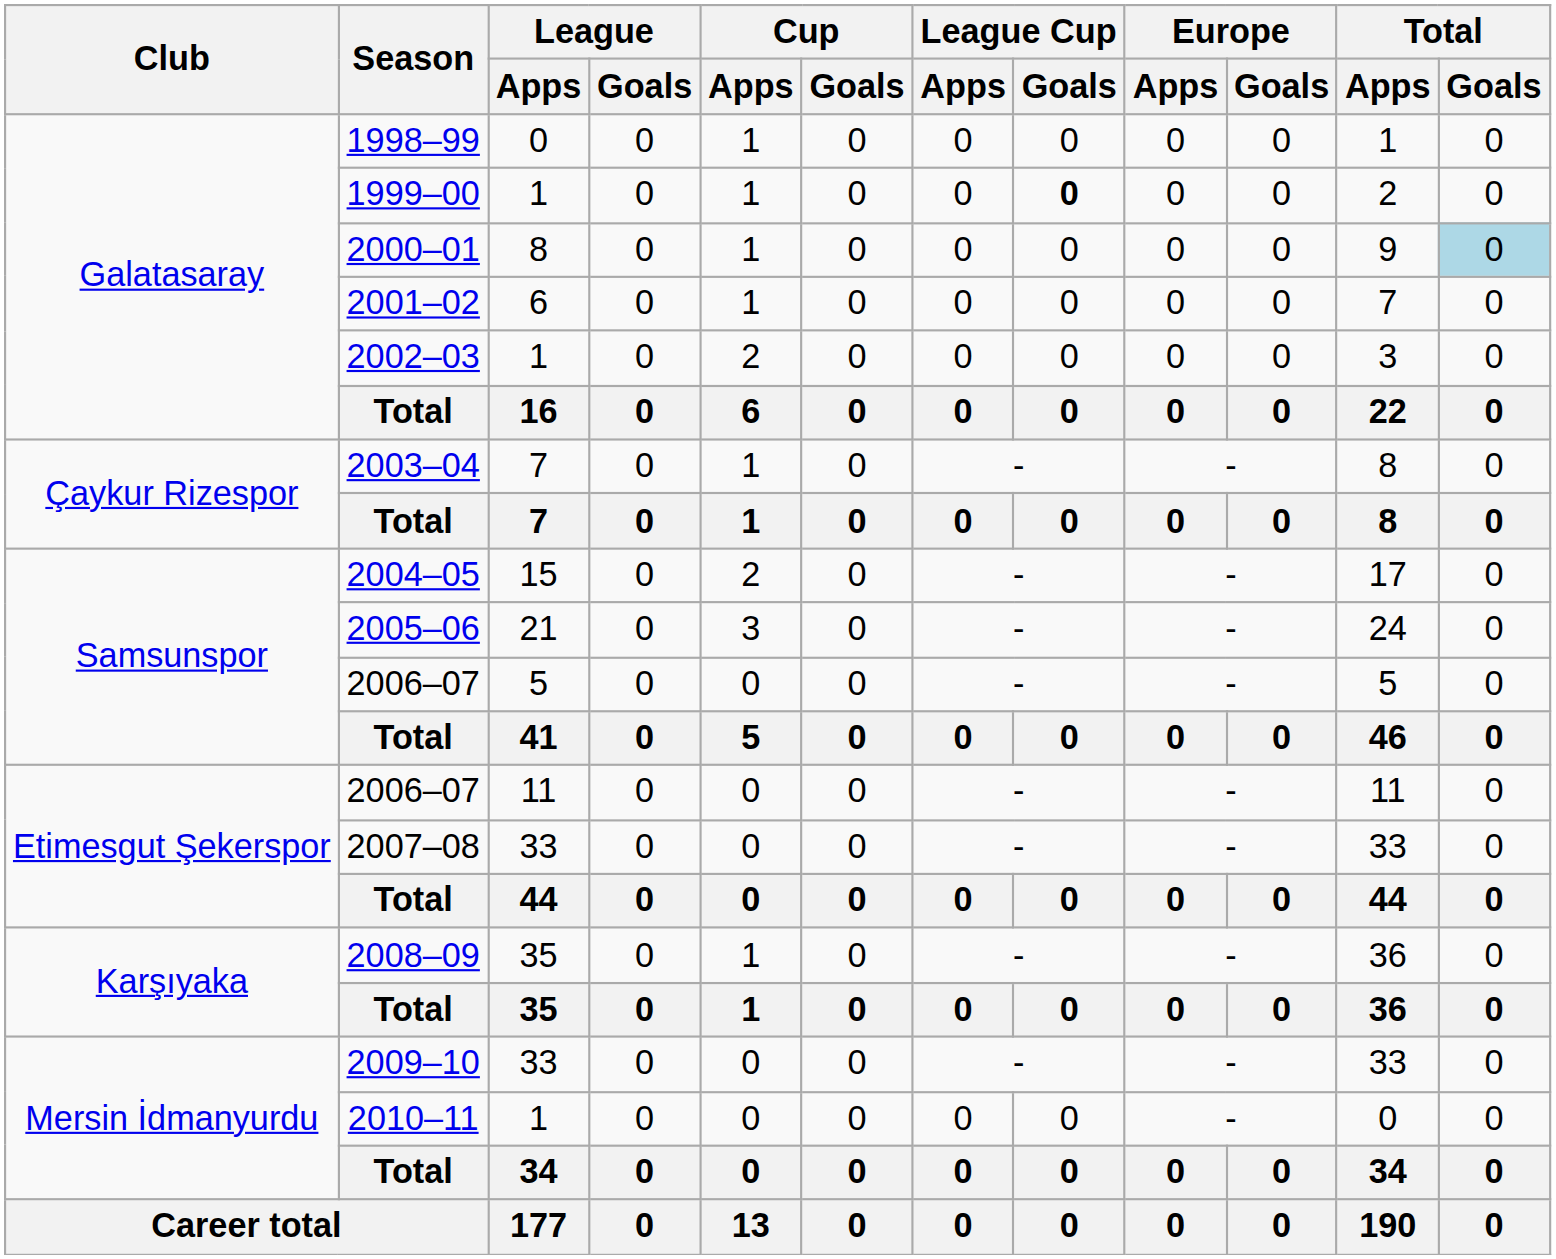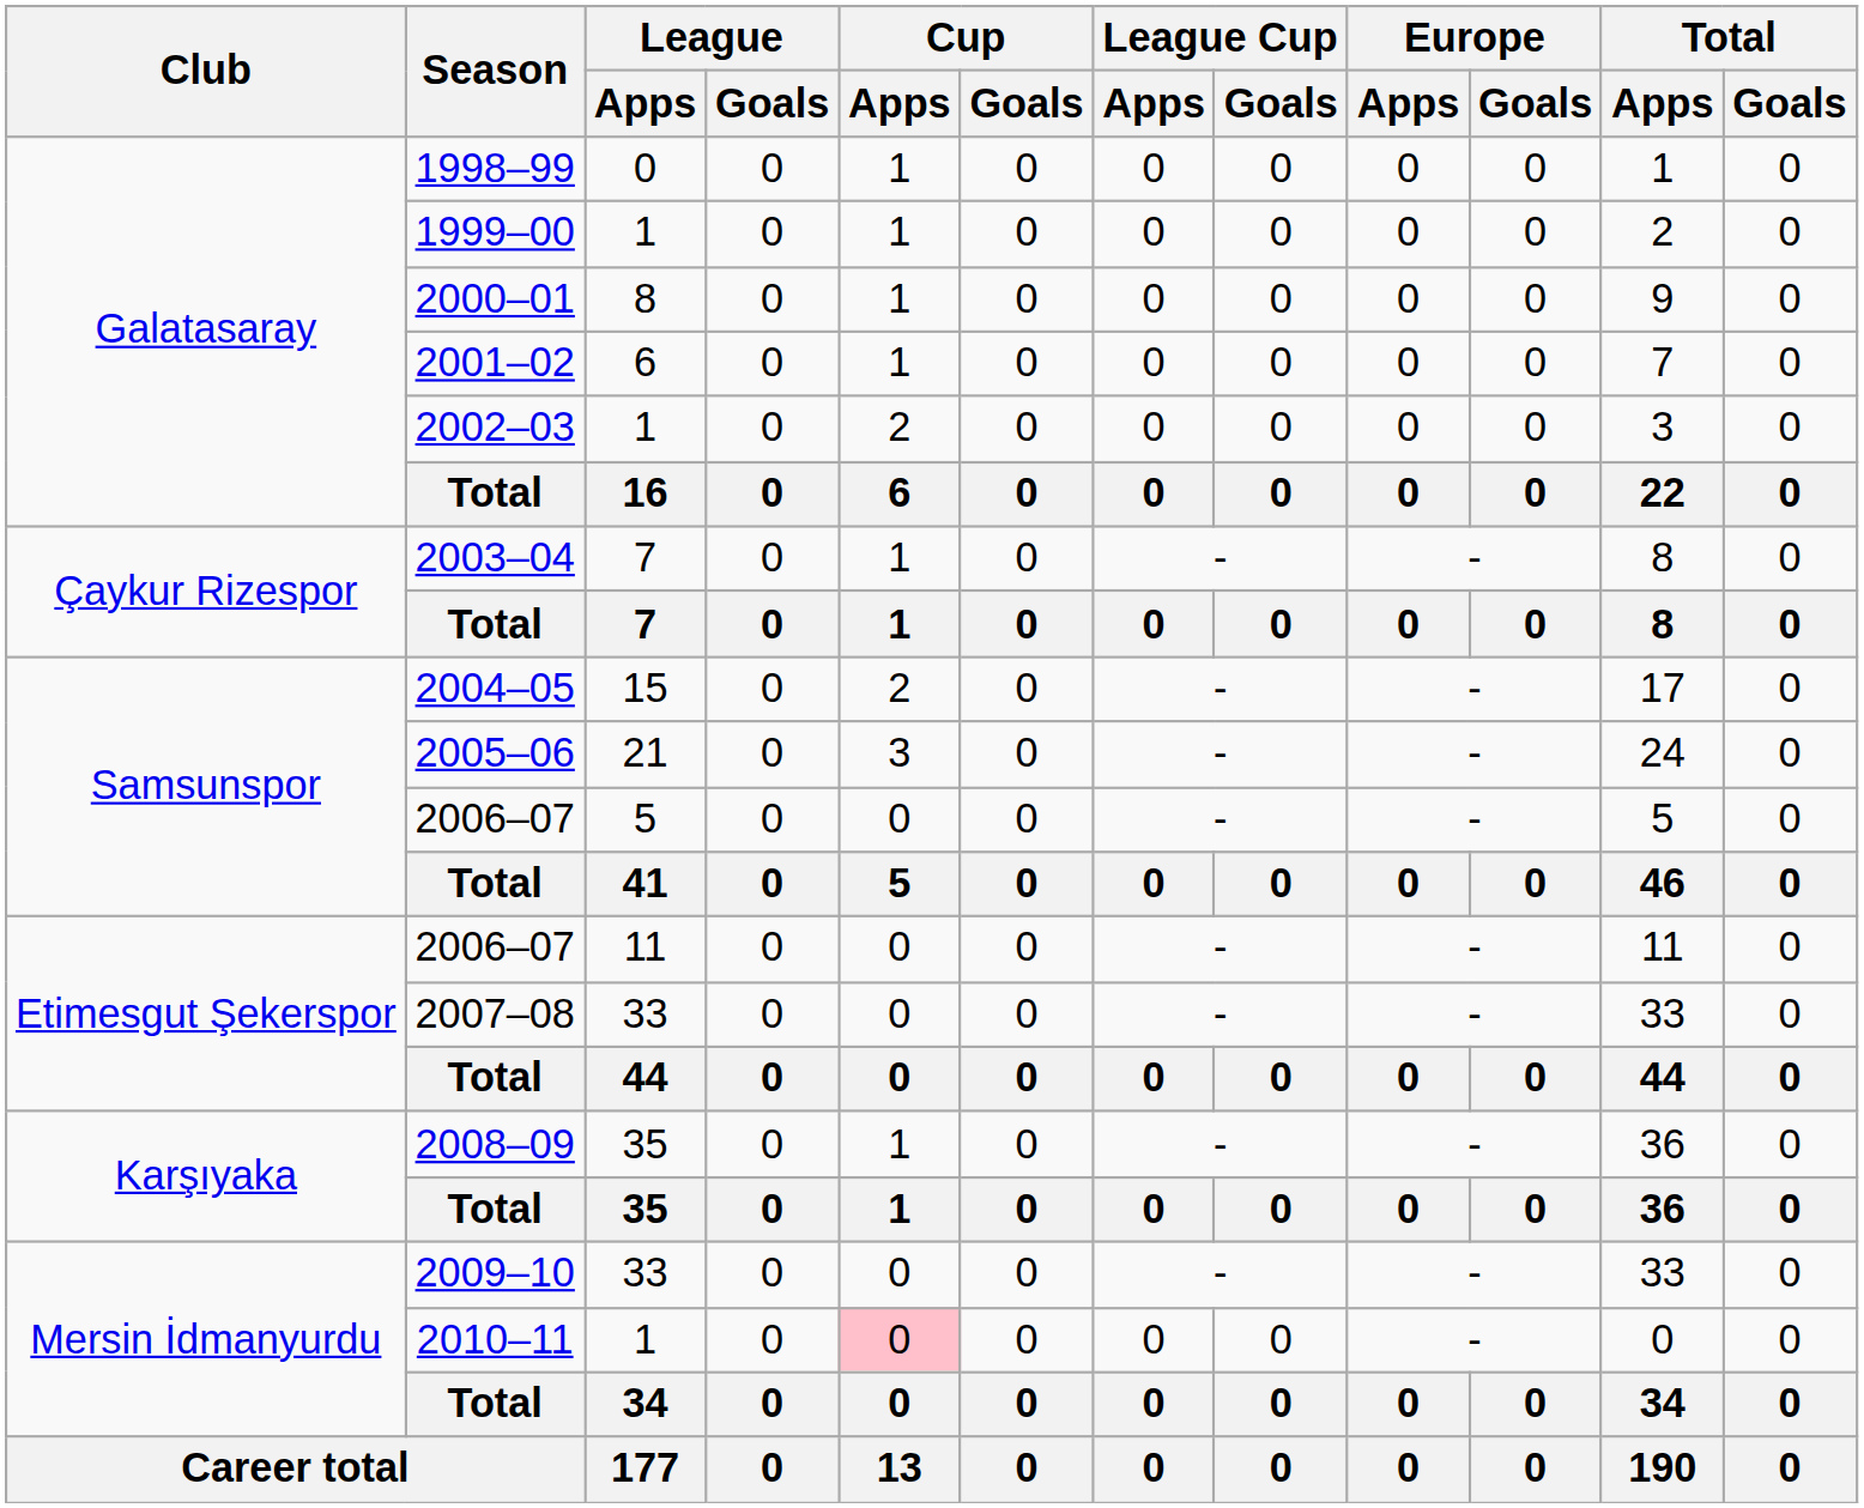 <table class="wikitable" style="text-align: center;">
 <tr>
 <th rowspan="2">Club</th>
 <th rowspan="2">Season</th>
 <th colspan="2">League</th>
 <th colspan="2">Cup</th>
 <th colspan="2">League Cup</th>
 <th colspan="2">Europe</th>
 <th colspan="2">Total</th>
 </tr>
 <tr>
 <th>Apps</th>
 <th>Goals</th>
 <th>Apps</th>
 <th>Goals</th>
 <th>Apps</th>
 <th>Goals</th>
 <th>Apps</th>
 <th>Goals</th>
 <th>Apps</th>
 <th>Goals</th>
 </tr>
 <tr>
 <td rowspan="6" valign="center"><a href='#'>Galatasaray</a></td>
 <td><a href='#'>1998–99</a></td>
 <td>0</td>
 <td>0</td>
 <td>1</td>
 <td>0</td>
 <td>0</td>
 <td>0</td>
 <td>0</td>
 <td>0</td>
 <td>1</td>
 <td>0</td>
 </tr>
 <tr>
 <td><a href='#'>1999–00</a></td>
 <td>1</td>
 <td>0</td>
 <td>1</td>
 <td>0</td>
 <td>0</td>
-<td><strong>0</strong></td>
+<td>0</td>
 <td>0</td>
 <td>0</td>
 <td>2</td>
 <td>0</td>
 </tr>
 <tr>
 <td><a href='#'>2000–01</a></td>
 <td>8</td>
 <td>0</td>
 <td>1</td>
 <td>0</td>
 <td>0</td>
 <td>0</td>
 <td>0</td>
 <td>0</td>
 <td>9</td>
-<td style="background: lightblue;">0</td>
+<td>0</td>
 </tr>
 <tr>
 <td><a href='#'>2001–02</a></td>
 <td>6</td>
 <td>0</td>
 <td>1</td>
 <td>0</td>
 <td>0</td>
 <td>0</td>
 <td>0</td>
 <td>0</td>
 <td>7</td>
 <td>0</td>
 </tr>
 <tr>
 <td><a href='#'>2002–03</a></td>
 <td>1</td>
 <td>0</td>
 <td>2</td>
 <td>0</td>
 <td>0</td>
 <td>0</td>
 <td>0</td>
 <td>0</td>
 <td>3</td>
 <td>0</td>
 </tr>
 <tr>
 <th>Total</th>
 <th>16</th>
 <th>0</th>
 <th>6</th>
 <th>0</th>
 <th>0</th>
 <th>0</th>
 <th>0</th>
 <th>0</th>
 <th>22</th>
 <th>0</th>
 </tr>
 <tr>
 <td rowspan="2" valign="center"><a href='#'>Çaykur Rizespor</a></td>
 <td><a href='#'>2003–04</a></td>
 <td>7</td>
 <td>0</td>
 <td>1</td>
 <td>0</td>
 <td colspan="2">-</td>
 <td colspan="2">-</td>
 <td>8</td>
 <td>0</td>
 </tr>
 <tr>
 <th>Total</th>
 <th>7</th>
 <th>0</th>
 <th>1</th>
 <th>0</th>
 <th>0</th>
 <th>0</th>
 <th>0</th>
 <th>0</th>
 <th>8</th>
 <th>0</th>
 </tr>
 <tr>
 <td rowspan="4" valign="center"><a href='#'>Samsunspor</a></td>
 <td><a href='#'>2004–05</a></td>
 <td>15</td>
 <td>0</td>
 <td>2</td>
 <td>0</td>
 <td colspan="2">-</td>
 <td colspan="2">-</td>
 <td>17</td>
 <td>0</td>
 </tr>
 <tr>
 <td><a href='#'>2005–06</a></td>
 <td>21</td>
 <td>0</td>
 <td>3</td>
 <td>0</td>
 <td colspan="2">-</td>
 <td colspan="2">-</td>
 <td>24</td>
 <td>0</td>
 </tr>
 <tr>
 <td>2006–07</td>
 <td>5</td>
 <td>0</td>
 <td>0</td>
 <td>0</td>
 <td colspan="2">-</td>
 <td colspan="2">-</td>
 <td>5</td>
 <td>0</td>
 </tr>
 <tr>
 <th>Total</th>
 <th>41</th>
 <th>0</th>
 <th>5</th>
 <th>0</th>
 <th>0</th>
 <th>0</th>
 <th>0</th>
 <th>0</th>
 <th>46</th>
 <th>0</th>
 </tr>
 <tr>
 <td rowspan="3" valign="center"><a href='#'>Etimesgut Şekerspor</a></td>
 <td>2006–07</td>
 <td>11</td>
 <td>0</td>
 <td>0</td>
 <td>0</td>
 <td colspan="2">-</td>
 <td colspan="2">-</td>
 <td>11</td>
 <td>0</td>
 </tr>
 <tr>
 <td>2007–08</td>
 <td>33</td>
 <td>0</td>
 <td>0</td>
 <td>0</td>
 <td colspan="2">-</td>
 <td colspan="2">-</td>
 <td>33</td>
 <td>0</td>
 </tr>
 <tr>
 <th>Total</th>
 <th>44</th>
 <th>0</th>
 <th>0</th>
 <th>0</th>
 <th>0</th>
 <th>0</th>
 <th>0</th>
 <th>0</th>
 <th>44</th>
 <th>0</th>
 </tr>
 <tr>
 <td rowspan="2" valign="center"><a href='#'>Karşıyaka</a></td>
 <td><a href='#'>2008–09</a></td>
 <td>35</td>
 <td>0</td>
 <td>1</td>
 <td>0</td>
 <td colspan="2">-</td>
 <td colspan="2">-</td>
 <td>36</td>
 <td>0</td>
 </tr>
 <tr>
 <th>Total</th>
 <th>35</th>
 <th>0</th>
 <th>1</th>
 <th>0</th>
 <th>0</th>
 <th>0</th>
 <th>0</th>
 <th>0</th>
 <th>36</th>
 <th>0</th>
 </tr>
 <tr>
 <td rowspan="3" valign="center"><a href='#'>Mersin İdmanyurdu</a></td>
 <td><a href='#'>2009–10</a></td>
 <td>33</td>
 <td>0</td>
 <td>0</td>
 <td>0</td>
 <td colspan="2">-</td>
 <td colspan="2">-</td>
 <td>33</td>
 <td>0</td>
 </tr>
 <tr>
 <td><a href='#'>2010–11</a></td>
 <td>1</td>
 <td>0</td>
-<td>0</td>
+<td style="background: pink;">0</td>
 <td>0</td>
 <td>0</td>
 <td>0</td>
 <td colspan="2">-</td>
 <td>0</td>
 <td>0</td>
 </tr>
 <tr>
 <th>Total</th>
 <th>34</th>
 <th>0</th>
 <th>0</th>
 <th>0</th>
 <th>0</th>
 <th>0</th>
 <th>0</th>
 <th>0</th>
 <th>34</th>
 <th>0</th>
 </tr>
 <tr>
 <th colspan="2">Career total</th>
 <th>177</th>
 <th>0</th>
 <th>13</th>
 <th>0</th>
 <th>0</th>
 <th>0</th>
 <th>0</th>
 <th>0</th>
 <th>190</th>
 <th>0</th>
 </tr>
 </table>
